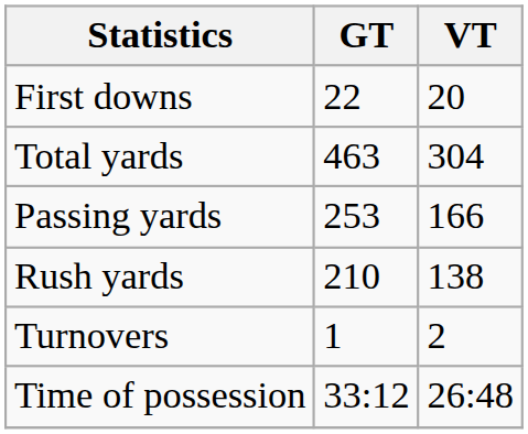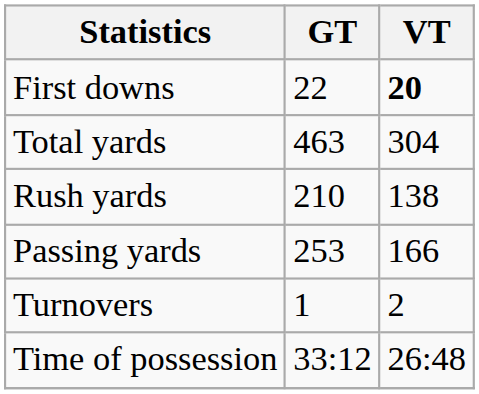 <table class="wikitable" style="float: left;">
 <tr>
 <th>Statistics</th>
 <th>GT</th>
 <th>VT</th>
 </tr>
 <tr>
 <td>First downs</td>
 <td>22</td>
-<td>20</td>
+<td><strong>20</strong></td>
 </tr>
 <tr>
 <td>Total yards</td>
 <td>463</td>
 <td>304</td>
 </tr>
 <tr>
+<td>Rush yards</td>
+<td>210</td>
+<td>138</td>
+</tr>
+<tr>
 <td>Passing yards</td>
 <td>253</td>
 <td>166</td>
-</tr>
-<tr>
-<td>Rush yards</td>
-<td>210</td>
-<td>138</td>
 </tr>
 <tr>
 <td>Turnovers</td>
 <td>1</td>
 <td>2</td>
 </tr>
 <tr>
 <td>Time of possession</td>
 <td>33:12</td>
 <td>26:48</td>
 </tr>
 <tr>
 </tr>
 </table>
